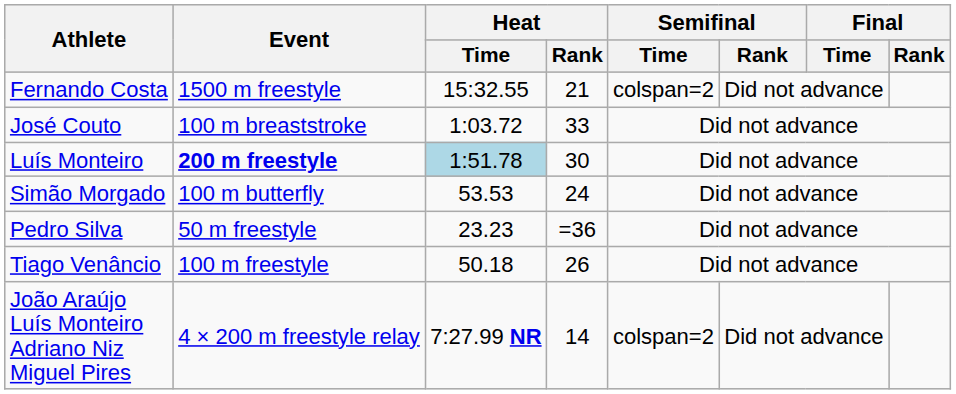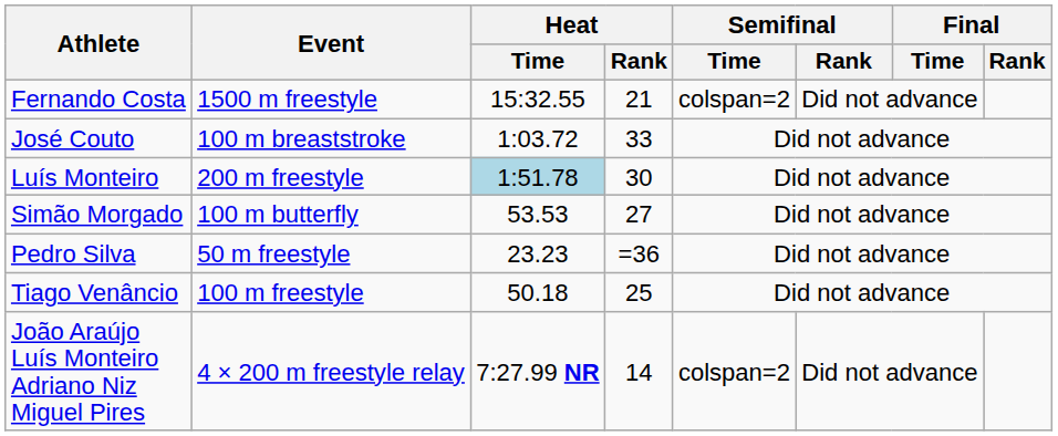 <table class=wikitable style="font-size:90%">
 <tr>
 <th rowspan="2">Athlete</th>
 <th rowspan="2">Event</th>
 <th colspan="2">Heat</th>
 <th colspan="2">Semifinal</th>
 <th colspan="2">Final</th>
 </tr>
 <tr style="font-size:95%">
 <th>Time</th>
 <th>Rank</th>
 <th>Time</th>
 <th>Rank</th>
 <th>Time</th>
 <th>Rank</th>
 </tr>
 <tr align=center>
 <td align=left><a href='#'>Fernando Costa</a></td>
 <td align=left><a href='#'>1500 m freestyle</a></td>
 <td>15:32.55</td>
 <td>21</td>
 <td>colspan=2 </td>
 <td colspan=2>Did not advance</td>
 </tr>
 <tr align=center>
 <td align=left><a href='#'>José Couto</a></td>
 <td align=left><a href='#'>100 m breaststroke</a></td>
 <td>1:03.72</td>
 <td>33</td>
 <td colspan=4>Did not advance</td>
 </tr>
 <tr align=center>
 <td align=left><a href='#'>Luís Monteiro</a></td>
-<td align=left><strong><a href='#'>200 m freestyle</a></strong></td>
+<td align=left><a href='#'>200 m freestyle</a></td>
 <td style="background: lightblue;">1:51.78</td>
 <td>30</td>
 <td colspan=4>Did not advance</td>
 </tr>
 <tr align=center>
 <td align=left><a href='#'>Simão Morgado</a></td>
 <td align=left><a href='#'>100 m butterfly</a></td>
 <td>53.53</td>
-<td>24</td>
+<td>27</td>
 <td colspan=4>Did not advance</td>
 </tr>
 <tr align=center>
 <td align=left><a href='#'>Pedro Silva</a></td>
 <td align=left><a href='#'>50 m freestyle</a></td>
 <td>23.23</td>
 <td>=36</td>
 <td colspan=4>Did not advance</td>
 </tr>
 <tr align=center>
 <td align=left><a href='#'>Tiago Venâncio</a></td>
 <td align=left><a href='#'>100 m freestyle</a></td>
 <td>50.18</td>
-<td>26</td>
+<td>25</td>
 <td colspan=4>Did not advance</td>
 </tr>
 <tr align=center>
 <td align=left><a href='#'>João Araújo</a><br><a href='#'>Luís Monteiro</a><br><a href='#'>Adriano Niz</a><br><a href='#'>Miguel Pires</a></td>
 <td align=left><a href='#'>4 × 200 m freestyle relay</a></td>
 <td>7:27.99 <strong><a href='#'>NR</a></strong></td>
 <td>14</td>
 <td>colspan=2 </td>
 <td colspan=2>Did not advance</td>
 </tr>
 </table>
